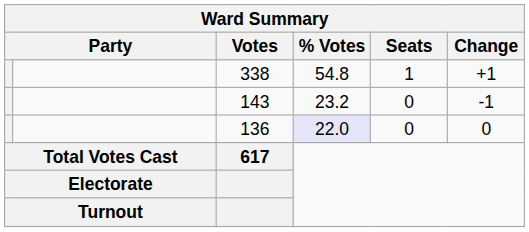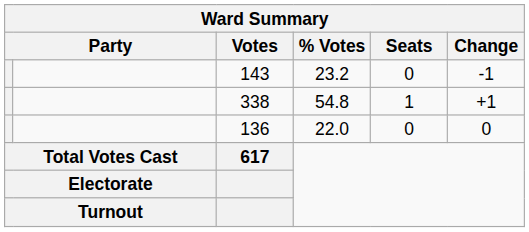 <table class="wikitable" style="font-size: 95%;">
 <tr style="background-color:#E9E9E9">
 <th colspan="6">Ward Summary</th>
 </tr>
 <tr style="background-color:#E9E9E9">
 <th colspan="2">Party</th>
 <th style="width: 60px">Votes</th>
 <th style="width: 60px">% Votes</th>
 <th style="width: 60px">Seats</th>
 <th style="width: 60px">Change</th>
 </tr>
 <tr>
 <th style="background-color: "></th>
 <td style="width: 170px"><a href='#'></a></td>
+<td align="center">143</td>
+<td align="center">23.2</td>
+<td align="center">0</td>
+<td align="center">-1</td>
+</tr>
+<tr>
+<th style="background-color: "></th>
+<td style="width: 170px"><a href='#'></a></td>
 <td align="center">338</td>
 <td align="center">54.8</td>
 <td align="center">1</td>
 <td align="center">+1</td>
 </tr>
 <tr>
 <th style="background-color: "></th>
 <td style="width: 170px"><a href='#'></a></td>
-<td align="center">143</td>
-<td align="center">23.2</td>
-<td align="center">0</td>
-<td align="center">-1</td>
-</tr>
-<tr>
-<th style="background-color: "></th>
-<td style="width: 170px"><a href='#'></a></td>
 <td align="center">136</td>
-<td align="center" style="background: lavender;">22.0</td>
+<td align="center">22.0</td>
 <td align="center">0</td>
 <td align="center">0</td>
 </tr>
 <tr style="background-color:#E9E9E9">
 <th colspan="2">Total Votes Cast</th>
 <th style="width: 60px">617</th>
 </tr>
 <tr style="background-color:#E9E9E9">
 <th colspan="2">Electorate</th>
 <th style="width: 60px"></th>
 </tr>
 <tr style="background-color:#E9E9E9">
 <th colspan="2">Turnout</th>
 <th style="width: 60px"></th>
 </tr>
 </table>
